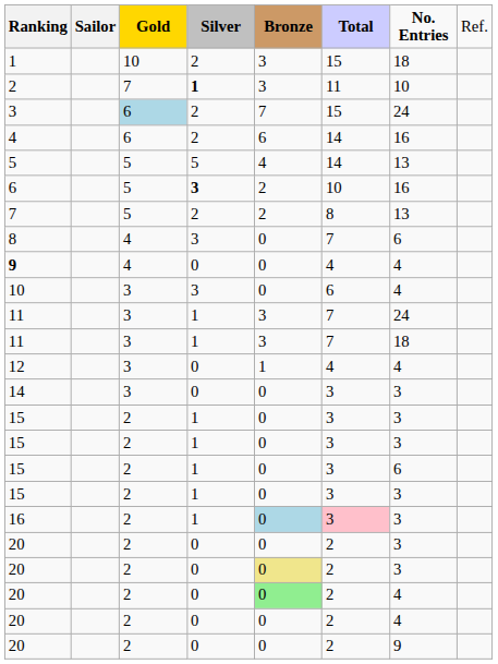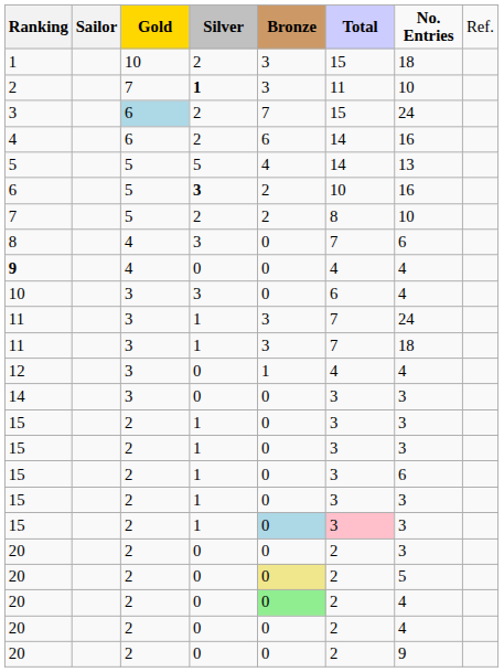 <table class="wikitable sortable">
 <tr>
 <th align=center>Ranking</th>
 <th align=center>Sailor</th>
 <td style="background:gold; width:60px; text-align:center;"><strong>Gold</strong></td>
 <td style="background:silver; width:60px; text-align:center;"><strong>Silver</strong></td>
 <td style="background:#c96; width:60px; text-align:center;"><strong>Bronze</strong></td>
 <td style="background:#ccf; width:60px; text-align:center;"><strong>Total</strong></td>
 <td style="width:60px; text-align:center;"><strong>No. Entries</strong></td>
 <td>Ref.</td>
 </tr>
 <tr>
 <td>1</td>
 <td></td>
 <td>10</td>
 <td>2</td>
 <td>3</td>
 <td>15</td>
 <td>18</td>
 <td></td>
 </tr>
 <tr>
 <td>2</td>
 <td></td>
 <td>7</td>
 <td><strong>1</strong></td>
 <td>3</td>
 <td>11</td>
 <td>10</td>
 <td></td>
 </tr>
 <tr>
 <td>3</td>
 <td></td>
 <td style="background: lightblue;">6</td>
 <td>2</td>
 <td>7</td>
 <td>15</td>
 <td>24</td>
 <td></td>
 </tr>
 <tr>
 <td>4</td>
 <td></td>
 <td>6</td>
 <td>2</td>
 <td>6</td>
 <td>14</td>
 <td>16</td>
 <td></td>
 </tr>
 <tr>
 <td>5</td>
 <td></td>
 <td>5</td>
 <td>5</td>
 <td>4</td>
 <td>14</td>
 <td>13</td>
 <td></td>
 </tr>
 <tr>
 <td>6</td>
 <td></td>
 <td>5</td>
 <td><strong>3</strong></td>
 <td>2</td>
 <td>10</td>
 <td>16</td>
 <td></td>
 </tr>
 <tr>
 <td>7</td>
 <td></td>
 <td>5</td>
 <td>2</td>
 <td>2</td>
 <td>8</td>
-<td>13</td>
+<td>10</td>
 <td></td>
 </tr>
 <tr>
 <td>8</td>
 <td></td>
 <td>4</td>
 <td>3</td>
 <td>0</td>
 <td>7</td>
 <td>6</td>
 <td></td>
 </tr>
 <tr>
 <td><strong>9</strong></td>
 <td></td>
 <td>4</td>
 <td>0</td>
 <td>0</td>
 <td>4</td>
 <td>4</td>
 <td></td>
 </tr>
 <tr>
 <td>10</td>
 <td></td>
 <td>3</td>
 <td>3</td>
 <td>0</td>
 <td>6</td>
 <td>4</td>
 <td></td>
 </tr>
 <tr>
 <td>11</td>
 <td></td>
 <td>3</td>
 <td>1</td>
 <td>3</td>
 <td>7</td>
 <td>24</td>
 <td></td>
 </tr>
 <tr>
 <td>11</td>
 <td></td>
 <td>3</td>
 <td>1</td>
 <td>3</td>
 <td>7</td>
 <td>18</td>
 <td></td>
 </tr>
 <tr>
 <td>12</td>
 <td></td>
 <td>3</td>
 <td>0</td>
 <td>1</td>
 <td>4</td>
 <td>4</td>
 <td></td>
 </tr>
 <tr>
 <td>14</td>
 <td></td>
 <td>3</td>
 <td>0</td>
 <td>0</td>
 <td>3</td>
 <td>3</td>
 <td></td>
 </tr>
 <tr>
 <td>15</td>
 <td></td>
 <td>2</td>
 <td>1</td>
 <td>0</td>
 <td>3</td>
 <td>3</td>
 <td></td>
 </tr>
 <tr>
 <td>15</td>
 <td></td>
 <td>2</td>
 <td>1</td>
 <td>0</td>
 <td>3</td>
 <td>3</td>
 <td></td>
 </tr>
 <tr>
 <td>15</td>
 <td></td>
 <td>2</td>
 <td>1</td>
 <td>0</td>
 <td>3</td>
 <td>6</td>
 <td></td>
 </tr>
 <tr>
 <td>15</td>
 <td></td>
 <td>2</td>
 <td>1</td>
 <td>0</td>
 <td>3</td>
 <td>3</td>
 <td></td>
 </tr>
 <tr>
-<td>16</td>
+<td>15</td>
 <td></td>
 <td>2</td>
 <td>1</td>
 <td style="background: lightblue;">0</td>
 <td style="background: pink;">3</td>
 <td>3</td>
 <td></td>
 </tr>
 <tr>
 <td>20</td>
 <td></td>
 <td>2</td>
 <td>0</td>
 <td>0</td>
 <td>2</td>
 <td>3</td>
 <td></td>
 </tr>
 <tr>
 <td>20</td>
 <td></td>
 <td>2</td>
 <td>0</td>
 <td style="background: khaki;">0</td>
 <td>2</td>
-<td>3</td>
+<td>5</td>
 <td></td>
 </tr>
 <tr>
 <td>20</td>
 <td></td>
 <td>2</td>
 <td>0</td>
 <td style="background: lightgreen;">0</td>
 <td>2</td>
 <td>4</td>
 <td></td>
 </tr>
 <tr>
 <td>20</td>
 <td></td>
 <td>2</td>
 <td>0</td>
 <td>0</td>
 <td>2</td>
 <td>4</td>
 <td></td>
 </tr>
 <tr>
 <td>20</td>
 <td></td>
 <td>2</td>
 <td>0</td>
 <td>0</td>
 <td>2</td>
 <td>9</td>
 <td></td>
 </tr>
 </table>
